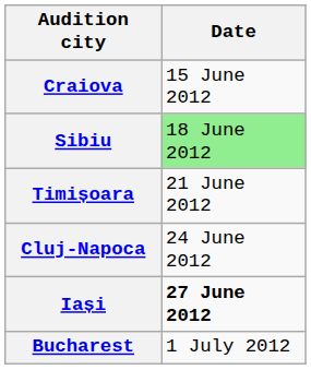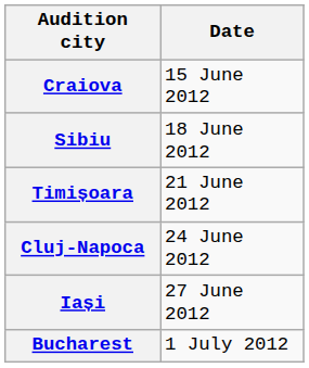 <table class="wikitable plainrowheaders" style="font-size:90%; width:30%;">
 <tr>
 <th scope="col">Audition city</th>
 <th scope="col">Date</th>
 </tr>
 <tr>
 <th scope="row"><a href='#'>Craiova</a></th>
 <td>15 June 2012</td>
 </tr>
 <tr>
 <th scope="row"><a href='#'>Sibiu</a></th>
-<td style="background: lightgreen;">18 June 2012</td>
+<td>18 June 2012</td>
 </tr>
 <tr>
 <th scope="row"><a href='#'>Timișoara</a></th>
 <td>21 June 2012</td>
 </tr>
 <tr>
 <th scope="row"><a href='#'>Cluj-Napoca</a></th>
 <td>24 June 2012</td>
 </tr>
 <tr>
 <th scope="row"><a href='#'>Iași</a></th>
-<td><strong>27 June 2012</strong></td>
+<td>27 June 2012</td>
 </tr>
 <tr>
 <th scope="row"><a href='#'>Bucharest</a></th>
 <td>1 July 2012</td>
 </tr>
 </table>
